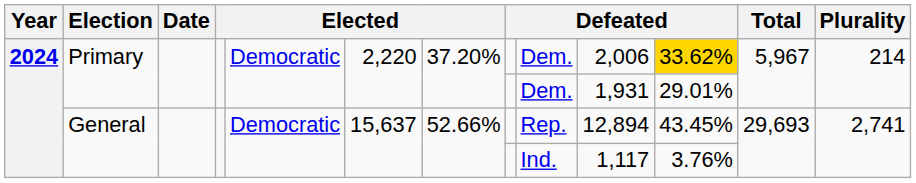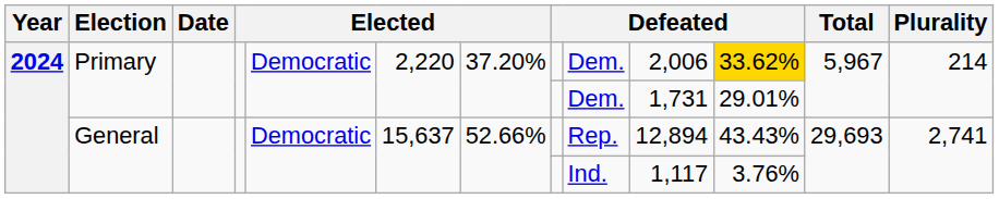 <table class="wikitable">
 <tr>
 <th>Year</th>
 <th>Election</th>
 <th>Date</th>
 <th colspan="4">Elected</th>
 <th colspan="4">Defeated</th>
 <th>Total</th>
 <th>Plurality</th>
 </tr>
 <tr>
 <th rowspan="4" valign="top"><a href='#'>2024</a></th>
 <td rowspan="2" valign="top">Primary</td>
 <td rowspan="2" valign="top"></td>
 <td rowspan="2" valign="top"></td>
 <td rowspan="2" valign="top" ><a href='#'>Democratic</a></td>
 <td rowspan="2" valign="top" align="right">2,220</td>
 <td rowspan="2" valign="top" align="right">37.20%</td>
 <td valign="top"></td>
 <td valign="top" ><a href='#'>Dem.</a></td>
 <td valign="top" align="right">2,006</td>
 <td valign="top" align="right" style="background: gold;">33.62%</td>
 <td rowspan="2" valign="top" align="right">5,967</td>
 <td rowspan="2" valign="top" align="right">214</td>
 </tr>
 <tr>
 <td valign="top"></td>
 <td valign="top" ><a href='#'>Dem.</a></td>
-<td valign="top" align="right">1,931</td>
+<td valign="top" align="right">1,731</td>
 <td valign="top" align="right">29.01%</td>
 </tr>
 <tr>
 <td rowspan="2" valign="top">General</td>
 <td rowspan="2" valign="top"></td>
 <td rowspan="2" valign="top"></td>
 <td rowspan="2" valign="top" ><a href='#'>Democratic</a></td>
 <td rowspan="2" valign="top" align="right">15,637</td>
 <td rowspan="2" valign="top" align="right">52.66%</td>
 <td valign="top"></td>
 <td valign="top" ><a href='#'>Rep.</a></td>
 <td valign="top" align="right">12,894</td>
-<td valign="top" align="right">43.45%</td>
+<td valign="top" align="right">43.43%</td>
 <td rowspan="2" valign="top" align="right">29,693</td>
 <td rowspan="2" valign="top" align="right">2,741</td>
 </tr>
 <tr>
 <td></td>
 <td valign="top" ><a href='#'>Ind.</a></td>
 <td valign="top" align="right">1,117</td>
 <td valign="top" align="right">3.76%</td>
 </tr>
 </table>
